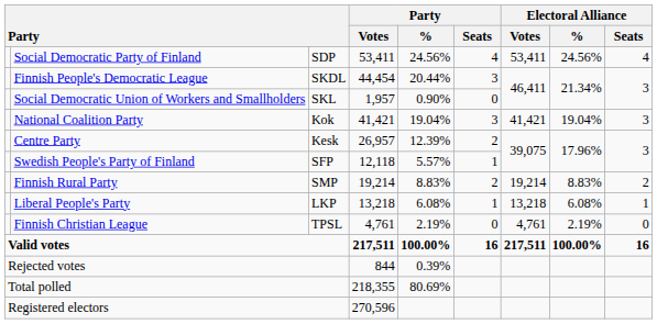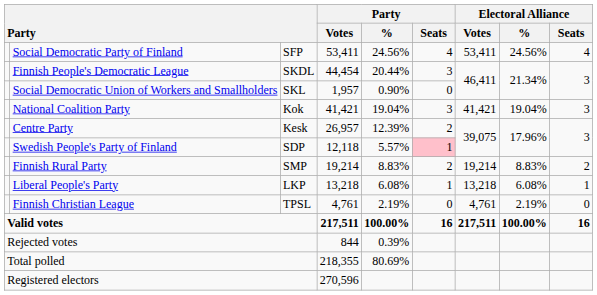 <table class="wikitable" border="1" style="text-align:right;">
 <tr>
 <th style="text-align:left;" valign=bottom rowspan=2 colspan=3>Party</th>
 <th colspan=3>Party</th>
 <th colspan=3>Electoral Alliance</th>
 </tr>
 <tr>
 <th align=center valign=bottom width="50">Votes</th>
 <th align=center valign=bottom width="50">%</th>
 <th align=center valign=bottom width="50">Seats</th>
 <th align=center valign=bottom width="50">Votes</th>
 <th align=center valign=bottom width="50">%</th>
 <th align=center valign=bottom width="50">Seats</th>
 </tr>
 <tr>
 <td></td>
 <td align=left style="white-space: nowrap;"><a href='#'>Social Democratic Party of Finland</a></td>
-<td align=left>SDP</td>
+<td align=left>SFP</td>
 <td>53,411</td>
 <td>24.56%</td>
 <td>4</td>
 <td>53,411</td>
 <td>24.56%</td>
 <td>4</td>
 </tr>
 <tr>
 <td></td>
 <td align=left><a href='#'>Finnish People's Democratic League</a></td>
 <td align=left>SKDL</td>
 <td>44,454</td>
 <td>20.44%</td>
 <td>3</td>
 <td rowspan=2>46,411</td>
 <td rowspan=2>21.34%</td>
 <td rowspan=2>3</td>
 </tr>
 <tr>
 <td></td>
 <td align=left><a href='#'>Social Democratic Union of Workers and Smallholders</a></td>
 <td align=left>SKL</td>
 <td>1,957</td>
 <td>0.90%</td>
 <td>0</td>
 </tr>
 <tr>
 <td></td>
 <td align=left><a href='#'>National Coalition Party</a></td>
 <td align=left>Kok</td>
 <td>41,421</td>
 <td>19.04%</td>
 <td>3</td>
 <td>41,421</td>
 <td>19.04%</td>
 <td>3</td>
 </tr>
 <tr>
 <td></td>
 <td align=left><a href='#'>Centre Party</a></td>
 <td align=left>Kesk</td>
 <td>26,957</td>
 <td>12.39%</td>
 <td>2</td>
 <td rowspan=2>39,075</td>
 <td rowspan=2>17.96%</td>
 <td rowspan=2>3</td>
 </tr>
 <tr>
 <td></td>
 <td align=left><a href='#'>Swedish People's Party of Finland</a></td>
-<td align=left>SFP</td>
+<td align=left>SDP</td>
 <td>12,118</td>
 <td>5.57%</td>
-<td>1</td>
+<td style="background: pink;">1</td>
 </tr>
 <tr>
 <td></td>
 <td align=left><a href='#'>Finnish Rural Party</a></td>
 <td align=left>SMP</td>
 <td>19,214</td>
 <td>8.83%</td>
 <td>2</td>
 <td>19,214</td>
 <td>8.83%</td>
 <td>2</td>
 </tr>
 <tr>
 <td></td>
 <td align=left><a href='#'>Liberal People's Party</a></td>
 <td align=left>LKP</td>
 <td>13,218</td>
 <td>6.08%</td>
 <td>1</td>
 <td>13,218</td>
 <td>6.08%</td>
 <td>1</td>
 </tr>
 <tr>
 <td></td>
 <td align=left><a href='#'>Finnish Christian League</a></td>
 <td align=left>TPSL</td>
 <td>4,761</td>
 <td>2.19%</td>
 <td>0</td>
 <td>4,761</td>
 <td>2.19%</td>
 <td>0</td>
 </tr>
 <tr style="font-weight:bold">
 <td align=left colspan=3>Valid votes</td>
 <td>217,511</td>
 <td>100.00%</td>
 <td>16</td>
 <td>217,511</td>
 <td>100.00%</td>
 <td>16</td>
 </tr>
 <tr>
 <td align=left colspan=3>Rejected votes</td>
 <td>844</td>
 <td>0.39%</td>
 <td></td>
 <td></td>
 <td></td>
 <td></td>
 </tr>
 <tr>
 <td align=left colspan=3>Total polled</td>
 <td>218,355</td>
 <td>80.69%</td>
 <td></td>
 <td></td>
 <td></td>
 <td></td>
 </tr>
 <tr>
 <td align=left colspan=3>Registered electors</td>
 <td>270,596</td>
 <td></td>
 <td></td>
 <td></td>
 <td></td>
 <td></td>
 </tr>
 </table>
